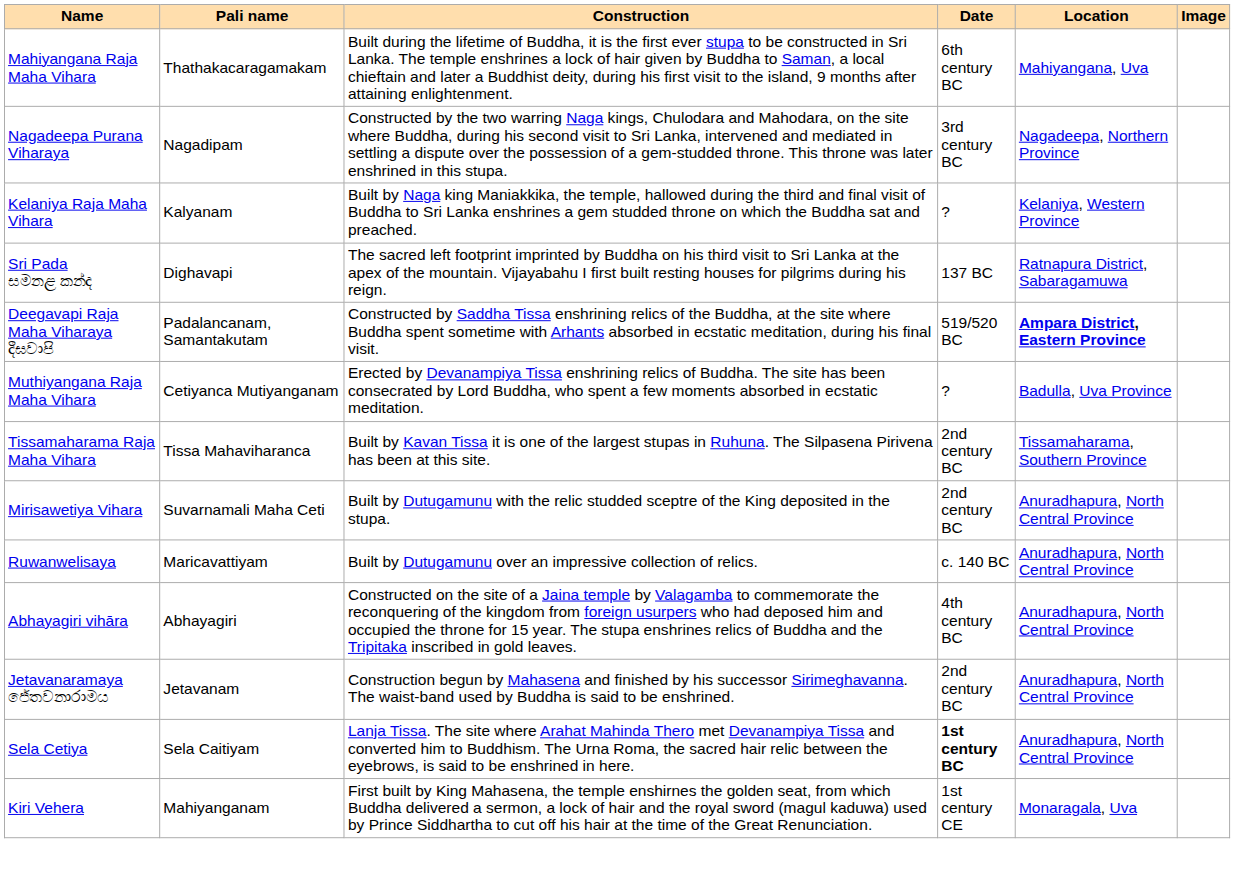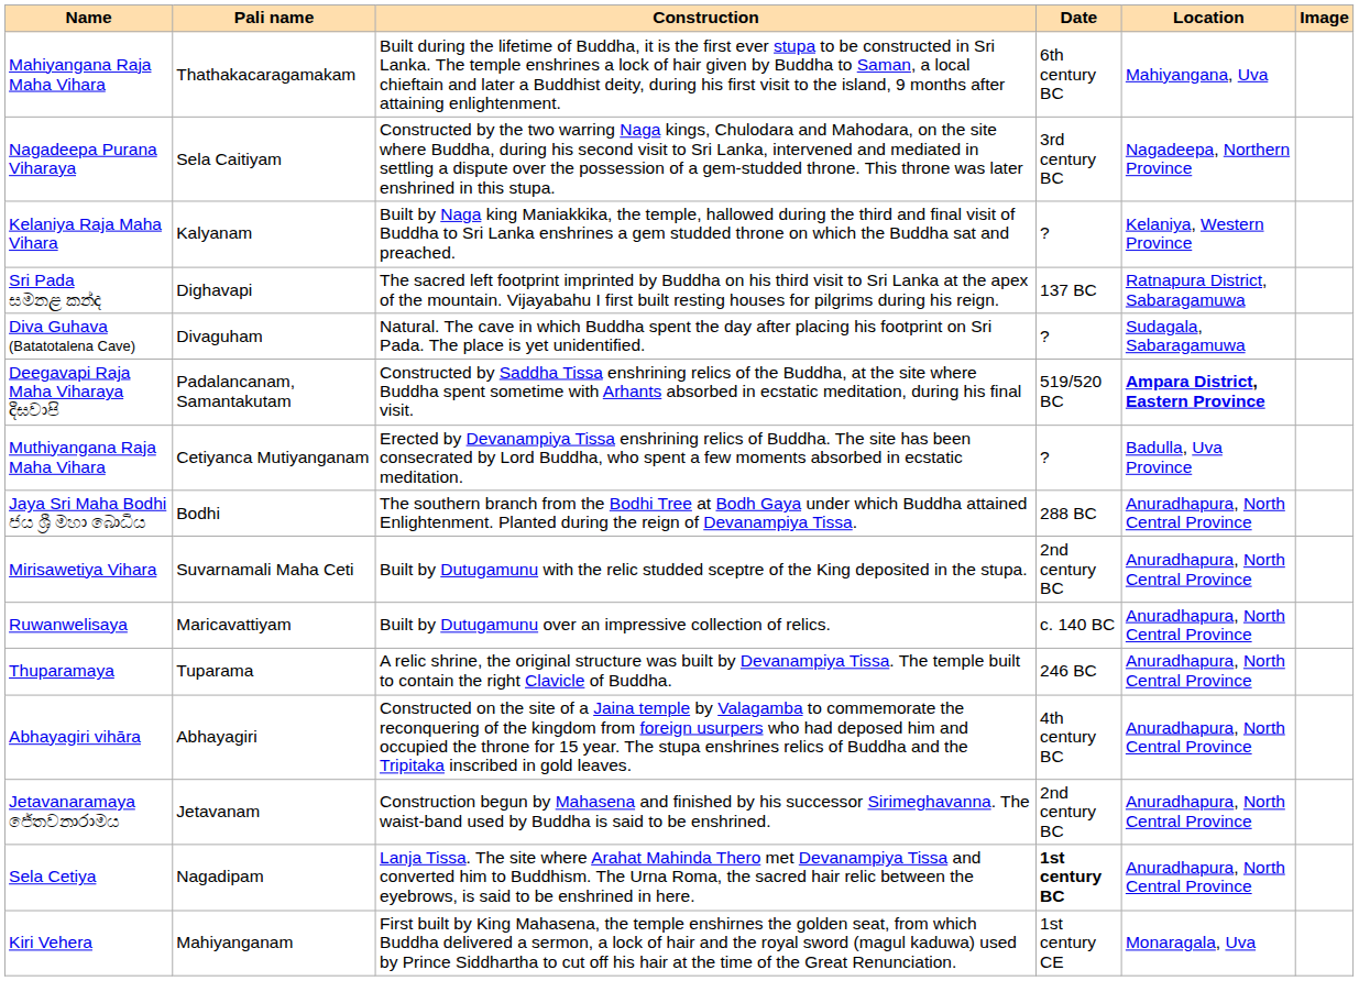 <table class="wikitable sortable" width="100%" style="background:#ffffff;">
 <tr>
 <th align="left" style="background:#ffdead;">Name</th>
 <th align="left" style="background:#ffdead;">Pali name</th>
 <th align="left" style="background:#ffdead;">Construction</th>
 <th align="left" style="background:#ffdead;">Date</th>
 <th style="background:#ffdead;">Location</th>
 <th align="left" style="background:#ffdead;" class="unsortable">Image</th>
 </tr>
 <tr>
 <td><a href='#'>Mahiyangana Raja Maha Vihara</a></td>
 <td>Thathakacaragamakam</td>
 <td>Built during the lifetime of Buddha, it is the first ever <a href='#'>stupa</a> to be constructed in Sri Lanka. The temple enshrines a lock of hair given by Buddha to <a href='#'>Saman</a>, a local chieftain and later a Buddhist deity, during his first visit to the island, 9 months after attaining enlightenment.</td>
 <td>6th century BC</td>
 <td><a href='#'>Mahiyangana</a>, <a href='#'>Uva</a><br></td>
 <td></td>
 </tr>
 <tr>
 <td><a href='#'>Nagadeepa Purana Viharaya</a></td>
-<td>Nagadipam</td>
+<td>Sela Caitiyam</td>
 <td>Constructed by the two warring <a href='#'>Naga</a> kings, Chulodara and Mahodara, on the site where Buddha, during his second visit to Sri Lanka, intervened and mediated in settling a dispute over the possession of a gem-studded throne. This throne was later enshrined in this stupa.</td>
 <td>3rd century BC</td>
 <td><a href='#'>Nagadeepa</a>, <a href='#'>Northern Province</a><br></td>
 <td></td>
 </tr>
 <tr>
 <td><a href='#'>Kelaniya Raja Maha Vihara</a></td>
 <td>Kalyanam</td>
 <td>Built by <a href='#'>Naga</a> king Maniakkika, the temple, hallowed during the third and final visit of Buddha to Sri Lanka enshrines a gem studded throne on which the Buddha sat and preached.</td>
 <td>?</td>
 <td><a href='#'>Kelaniya</a>, <a href='#'>Western Province</a><br></td>
 <td></td>
 </tr>
 <tr>
 <td><a href='#'>Sri Pada</a><br>සමනළ කන්ද<br></td>
 <td>Dighavapi</td>
 <td>The sacred left footprint imprinted by Buddha on his third visit to Sri Lanka at the apex of the mountain. Vijayabahu I first built resting houses for pilgrims during his reign.</td>
 <td>137 BC</td>
 <td><a href='#'>Ratnapura District</a>, <a href='#'>Sabaragamuwa</a><br></td>
 <td></td>
 </tr>
 <tr>
+<td><a href='#'>Diva Guhava</a><br><small>(Batatotalena Cave)</small></td>
+<td>Divaguham</td>
+<td>Natural. The cave in which Buddha spent the day after placing his footprint on Sri Pada. The place is yet unidentified.</td>
+<td>?</td>
+<td><a href='#'>Sudagala</a>, <a href='#'>Sabaragamuwa</a><br></td>
+<td></td>
+</tr>
+<tr>
 <td><a href='#'>Deegavapi Raja Maha Viharaya</a><br>දීඝවාපි<br></td>
 <td>Padalancanam, Samantakutam</td>
 <td>Constructed by <a href='#'>Saddha Tissa</a> enshrining relics of the Buddha, at the site where Buddha spent sometime with <a href='#'>Arhants</a> absorbed in ecstatic meditation, during his final visit.</td>
 <td>519/520 BC</td>
 <td><strong><a href='#'>Ampara District</a>, <a href='#'>Eastern Province</a><br></strong></td>
 <td></td>
 </tr>
 <tr>
 <td><a href='#'>Muthiyangana Raja Maha Vihara</a></td>
 <td>Cetiyanca Mutiyanganam</td>
 <td>Erected by <a href='#'>Devanampiya Tissa</a> enshrining relics of Buddha. The site has been consecrated by Lord Buddha, who spent a few moments absorbed in ecstatic meditation.</td>
 <td>?</td>
 <td><a href='#'>Badulla</a>, <a href='#'>Uva Province</a><br></td>
 <td></td>
 </tr>
 <tr>
-<td><a href='#'>Tissamaharama Raja Maha Vihara</a></td>
-<td>Tissa Mahaviharanca</td>
-<td>Built by <a href='#'>Kavan Tissa</a> it is one of the largest stupas in <a href='#'>Ruhuna</a>. The Silpasena Pirivena has been at this site.</td>
-<td>2nd century BC</td>
-<td><a href='#'>Tissamaharama</a>, <a href='#'>Southern Province</a><br></td>
+<td><a href='#'>Jaya Sri Maha Bodhi</a><br>ජය ශ්‍රී මහා බොධිය<br></td>
+<td>Bodhi</td>
+<td>The southern branch from the <a href='#'>Bodhi Tree</a> at <a href='#'>Bodh Gaya</a> under which Buddha attained Enlightenment. Planted during the reign of <a href='#'>Devanampiya Tissa</a>.</td>
+<td>288 BC</td>
+<td><a href='#'>Anuradhapura</a>, <a href='#'>North Central Province</a><br></td>
 <td></td>
 </tr>
 <tr>
 <td><a href='#'>Mirisawetiya Vihara</a></td>
 <td>Suvarnamali Maha Ceti</td>
 <td>Built by <a href='#'>Dutugamunu</a> with the relic studded sceptre of the King deposited in the stupa.</td>
 <td>2nd century BC</td>
 <td><a href='#'>Anuradhapura</a>, <a href='#'>North Central Province</a><br></td>
 <td></td>
 </tr>
 <tr>
 <td><a href='#'>Ruwanwelisaya</a></td>
 <td>Maricavattiyam</td>
 <td>Built by <a href='#'>Dutugamunu</a> over an impressive collection of relics.</td>
 <td>c. 140 BC</td>
+<td><a href='#'>Anuradhapura</a>, <a href='#'>North Central Province</a><br></td>
+<td></td>
+</tr>
+<tr>
+<td><a href='#'>Thuparamaya</a></td>
+<td>Tuparama</td>
+<td>A relic shrine, the original structure was built by <a href='#'>Devanampiya Tissa</a>. The temple built to contain the right <a href='#'>Clavicle</a> of Buddha.</td>
+<td>246 BC</td>
 <td><a href='#'>Anuradhapura</a>, <a href='#'>North Central Province</a><br></td>
 <td></td>
 </tr>
 <tr>
 <td><a href='#'>Abhayagiri vihāra</a></td>
 <td>Abhayagiri</td>
 <td>Constructed on the site of a <a href='#'>Jaina temple</a> by <a href='#'>Valagamba</a> to commemorate the reconquering of the kingdom from <a href='#'>foreign usurpers</a> who had deposed him and occupied the throne for 15 year. The stupa enshrines relics of Buddha and the <a href='#'>Tripitaka</a> inscribed in gold leaves.</td>
 <td>4th century BC</td>
 <td><a href='#'>Anuradhapura</a>, <a href='#'>North Central Province</a><br></td>
 <td></td>
 </tr>
 <tr>
 <td><a href='#'>Jetavanaramaya</a><br>ජේතවනාරාමය<br></td>
 <td>Jetavanam</td>
 <td>Construction begun by <a href='#'>Mahasena</a> and finished by his successor <a href='#'>Sirimeghavanna</a>. The waist-band used by Buddha is said to be enshrined.</td>
 <td>2nd century BC</td>
 <td><a href='#'>Anuradhapura</a>, <a href='#'>North Central Province</a><br></td>
 <td></td>
 </tr>
 <tr>
 <td><a href='#'>Sela Cetiya</a></td>
-<td>Sela Caitiyam</td>
+<td>Nagadipam</td>
 <td><a href='#'>Lanja Tissa</a>. The site where <a href='#'>Arahat Mahinda Thero</a> met <a href='#'>Devanampiya Tissa</a> and converted him to Buddhism. The Urna Roma, the sacred hair relic between the eyebrows, is said to be enshrined in here.</td>
 <td><strong>1st century BC</strong></td>
 <td><a href='#'>Anuradhapura</a>, <a href='#'>North Central Province</a><br></td>
 <td></td>
 </tr>
 <tr>
 <td><a href='#'>Kiri Vehera</a></td>
 <td>Mahiyanganam</td>
 <td>First built by King Mahasena, the temple enshirnes the golden seat, from which Buddha delivered a sermon, a lock of hair and the royal sword (magul kaduwa) used by Prince Siddhartha to cut off his hair at the time of the Great Renunciation.</td>
 <td>1st century CE</td>
 <td><a href='#'>Monaragala</a>, <a href='#'>Uva</a><br></td>
 <td></td>
 </tr>
 </table>
